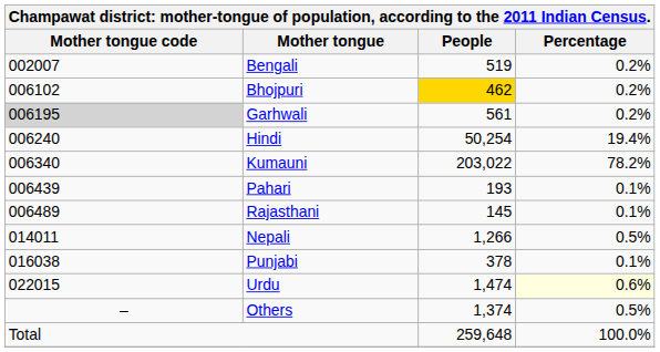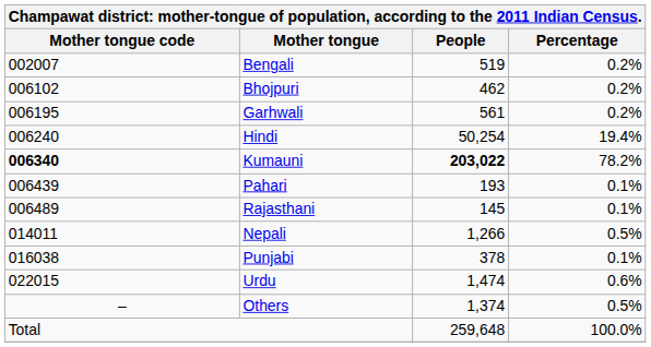 <table class="wikitable sortable mw-collapsible mw-collapsed">
 <tr valign=top>
 <th colspan=4>Champawat district: mother-tongue of population, according to the <a href='#'>2011 Indian Census</a>.</th>
 </tr>
 <tr valign=top>
 <th>Mother tongue code</th>
 <th>Mother tongue</th>
 <th>People</th>
 <th>Percentage</th>
 </tr>
 <tr valign=top>
 <td>002007</td>
 <td><a href='#'>Bengali</a></td>
 <td align=right>519</td>
 <td align=right>0.2%</td>
 </tr>
 <tr valign=top>
 <td>006102</td>
 <td><a href='#'>Bhojpuri</a></td>
-<td align=right style="background: gold;">462</td>
+<td align=right>462</td>
 <td align=right>0.2%</td>
 </tr>
 <tr valign=top>
-<td style="background: lightgrey;">006195</td>
+<td>006195</td>
 <td><a href='#'>Garhwali</a></td>
 <td align=right>561</td>
 <td align=right>0.2%</td>
 </tr>
 <tr valign=top>
 <td>006240</td>
 <td><a href='#'>Hindi</a></td>
 <td align=right>50,254</td>
 <td align=right>19.4%</td>
 </tr>
 <tr valign=top>
-<td>006340</td>
+<td><strong>006340</strong></td>
 <td><a href='#'>Kumauni</a></td>
-<td align=right>203,022</td>
+<td align=right><strong>203,022</strong></td>
 <td align=right>78.2%</td>
 </tr>
 <tr valign=top>
 <td>006439</td>
 <td><a href='#'>Pahari</a></td>
 <td align=right>193</td>
 <td align=right>0.1%</td>
 </tr>
 <tr valign=top>
 <td>006489</td>
 <td><a href='#'>Rajasthani</a></td>
 <td align=right>145</td>
 <td align=right>0.1%</td>
 </tr>
 <tr valign=top>
 <td>014011</td>
 <td><a href='#'>Nepali</a></td>
 <td align=right>1,266</td>
 <td align=right>0.5%</td>
 </tr>
 <tr valign=top>
 <td>016038</td>
 <td><a href='#'>Punjabi</a></td>
 <td align=right>378</td>
 <td align=right>0.1%</td>
 </tr>
 <tr valign=top>
 <td>022015</td>
 <td><a href='#'>Urdu</a></td>
 <td align=right>1,474</td>
-<td align=right style="background: lightyellow;">0.6%</td>
+<td align=right>0.6%</td>
 </tr>
 <tr valign=top>
 <td align=center>–</td>
 <td><a href='#'>Others</a></td>
 <td align=right>1,374</td>
 <td align=right>0.5%</td>
 </tr>
 <tr valign=top class=sortbottom>
 <td colspan=2>Total</td>
 <td align=right>259,648</td>
 <td align=right>100.0%</td>
 </tr>
 <tr>
 </tr>
 </table>
